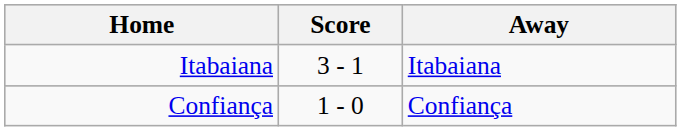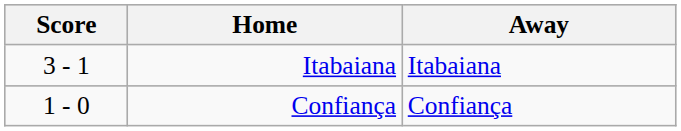 <table class="wikitable" style="text-align: center;">
 <tr>
+<th width=70>Score</th>
 <th width=165>Home</th>
-<th width=70>Score</th>
 <th width=165>Away</th>
 </tr>
 <tr>
+<td>3 - 1</td>
 <td style="text-align:right;"><a href='#'>Itabaiana</a></td>
-<td>3 - 1</td>
 <td style="text-align:left;"><a href='#'>Itabaiana</a></td>
 </tr>
 <tr>
+<td>1 - 0</td>
 <td style="text-align:right;"><a href='#'>Confiança</a></td>
-<td>1 - 0</td>
 <td style="text-align:left;"><a href='#'>Confiança</a></td>
 </tr>
 </table>
